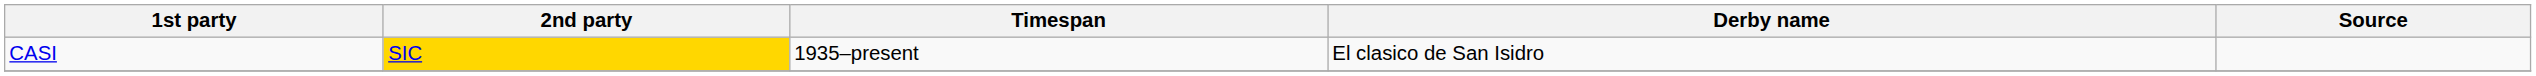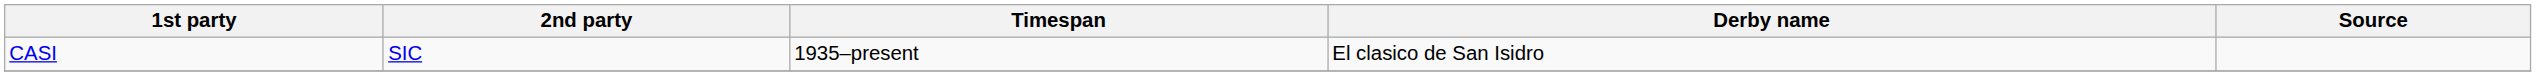 <table class="wikitable"  style="font-size:98%; width:98%;">
 <tr>
 <th>1st party</th>
 <th>2nd party</th>
 <th>Timespan</th>
 <th>Derby name</th>
 <th class="unsortable">Source</th>
 </tr>
 <tr>
 <td><a href='#'>CASI</a></td>
-<td style="background: gold;"><a href='#'>SIC</a></td>
+<td><a href='#'>SIC</a></td>
 <td>1935–present</td>
 <td>El clasico de San Isidro</td>
 <td></td>
 </tr>
 <tr>
 </tr>
 </table>
